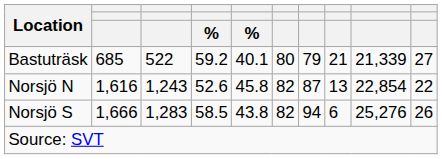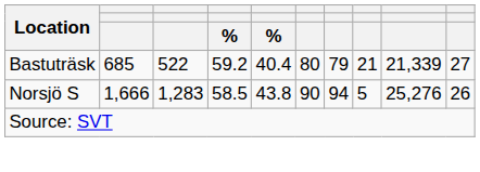 <table role="presentation" class="wikitable sortable mw-collapsible">
 <tr>
 <th rowspan="3">Location</th>
 <th></th>
 <th></th>
 <th></th>
 <th></th>
 <th></th>
 <th></th>
 <th></th>
 <th></th>
 <th></th>
 </tr>
 <tr>
 <th></th>
 <th></th>
 <th style="background:"></th>
 <th style="background:"></th>
 <th></th>
 <th></th>
 <th></th>
 <th></th>
 <th></th>
 </tr>
 <tr>
 <th data-sort-type="number"></th>
 <th data-sort-type="number"></th>
 <th data-sort-type="number">%</th>
 <th data-sort-type="number">%</th>
 <th data-sort-type="number"></th>
 <th data-sort-type="number"></th>
 <th data-sort-type="number"></th>
 <th data-sort-type="number"></th>
 <th data-sort-type="number"></th>
 </tr>
 <tr>
 <td align="left">Bastuträsk</td>
 <td>685</td>
 <td>522</td>
 <td>59.2</td>
-<td>40.1</td>
+<td>40.4</td>
 <td>80</td>
 <td>79</td>
 <td>21</td>
 <td>21,339</td>
 <td>27</td>
 </tr>
 <tr>
-<td align="left">Norsjö N</td>
-<td>1,616</td>
-<td>1,243</td>
-<td>52.6</td>
-<td>45.8</td>
-<td>82</td>
-<td>87</td>
-<td>13</td>
-<td>22,854</td>
-<td>22</td>
-</tr>
-<tr>
 <td align="left">Norsjö S</td>
 <td>1,666</td>
 <td>1,283</td>
 <td>58.5</td>
 <td>43.8</td>
-<td>82</td>
+<td>90</td>
 <td>94</td>
-<td>6</td>
+<td>5</td>
 <td>25,276</td>
 <td>26</td>
 </tr>
 <tr>
 <td colspan="10" align="left">Source: <a href='#'>SVT</a></td>
 </tr>
 </table>
